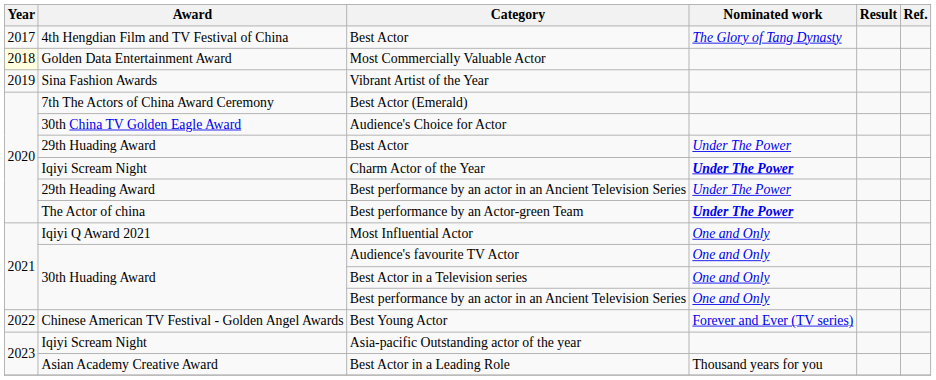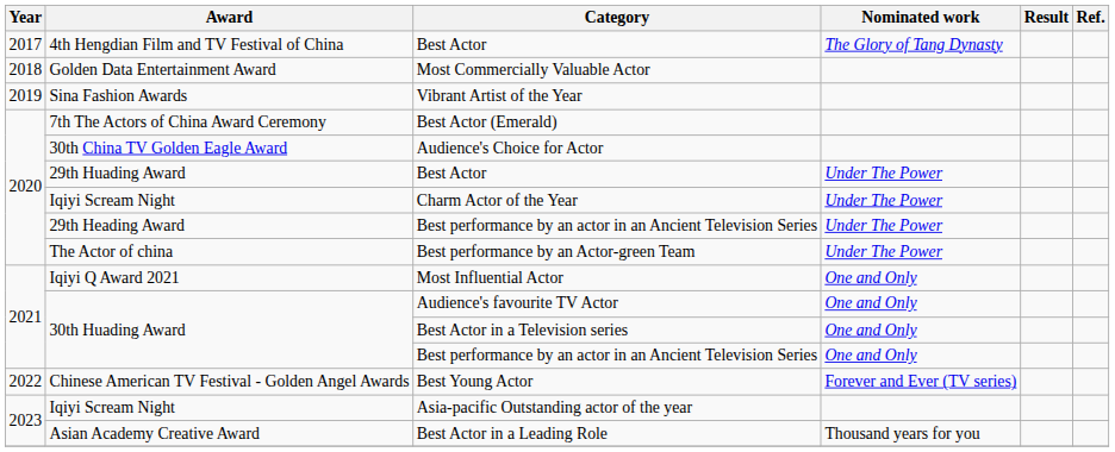 <table class="wikitable">
 <tr>
 <th>Year</th>
 <th>Award</th>
 <th>Category</th>
 <th>Nominated work</th>
 <th>Result</th>
 <th>Ref.</th>
 </tr>
 <tr>
 <td>2017</td>
 <td>4th Hengdian Film and TV Festival of China</td>
 <td>Best Actor</td>
 <td><em><a href='#'>The Glory of Tang Dynasty</a></em></td>
 <td></td>
 <td></td>
 </tr>
 <tr>
-<td style="background: lightyellow;">2018</td>
+<td>2018</td>
 <td>Golden Data Entertainment Award</td>
 <td>Most Commercially Valuable Actor</td>
 <td></td>
 <td></td>
 <td></td>
 </tr>
 <tr>
 <td>2019</td>
 <td>Sina Fashion Awards</td>
 <td>Vibrant Artist of the Year</td>
 <td></td>
 <td></td>
 <td></td>
 </tr>
 <tr>
 <td rowspan="6">2020</td>
 <td>7th The Actors of China Award Ceremony</td>
 <td>Best Actor (Emerald)</td>
 <td></td>
 <td></td>
 <td></td>
 </tr>
 <tr>
 <td>30th <a href='#'>China TV Golden Eagle Award</a></td>
 <td>Audience's Choice for Actor</td>
 <td></td>
 <td></td>
 <td></td>
 </tr>
 <tr>
 <td>29th Huading Award</td>
 <td>Best Actor</td>
 <td><em><a href='#'>Under The Power</a></em></td>
 <td></td>
 <td></td>
 </tr>
 <tr>
 <td>Iqiyi Scream Night</td>
 <td>Charm Actor of the Year</td>
-<td><strong><em><a href='#'>Under The Power</a></em></strong></td>
+<td><em><a href='#'>Under The Power</a></em></td>
 <td></td>
 <td></td>
 </tr>
 <tr>
 <td>29th Heading Award</td>
 <td>Best performance by an actor in an Ancient Television Series</td>
 <td><em><a href='#'>Under The Power</a></em></td>
 <td></td>
 <td></td>
 </tr>
 <tr>
 <td>The Actor of china</td>
 <td>Best performance by an  Actor-green Team</td>
-<td><strong><em><a href='#'>Under The Power</a></em></strong></td>
+<td><em><a href='#'>Under The Power</a></em></td>
 <td></td>
 <td></td>
 </tr>
 <tr>
 <td rowspan="4">2021</td>
 <td>Iqiyi Q Award 2021</td>
 <td>Most Influential Actor</td>
 <td><em><a href='#'>One and Only</a></em></td>
 <td></td>
 <td></td>
 </tr>
 <tr>
 <td rowspan="3">30th Huading Award</td>
 <td>Audience's favourite TV Actor</td>
 <td><em><a href='#'>One and Only</a></em></td>
 <td></td>
 <td></td>
 </tr>
 <tr>
 <td>Best Actor in a Television series</td>
 <td><em><a href='#'>One and Only</a></em></td>
 <td></td>
 <td></td>
 </tr>
 <tr>
 <td>Best performance by an actor in an Ancient Television Series</td>
 <td><em><a href='#'>One and Only</a></em></td>
 <td></td>
 <td></td>
 </tr>
 <tr>
 <td>2022</td>
 <td>Chinese American TV Festival - Golden Angel Awards</td>
 <td>Best Young Actor</td>
 <td><a href='#'>Forever and Ever (TV series)</a></td>
 <td></td>
 <td></td>
 </tr>
 <tr>
 <td rowspan="2">2023</td>
 <td>Iqiyi Scream Night</td>
 <td>Asia-pacific Outstanding actor of the year</td>
 <td></td>
 <td></td>
 <td></td>
 </tr>
 <tr>
 <td>Asian Academy Creative Award</td>
 <td>Best Actor in a Leading Role</td>
 <td>Thousand years for you</td>
 <td></td>
 <td></td>
 </tr>
 <tr>
 </tr>
 </table>
